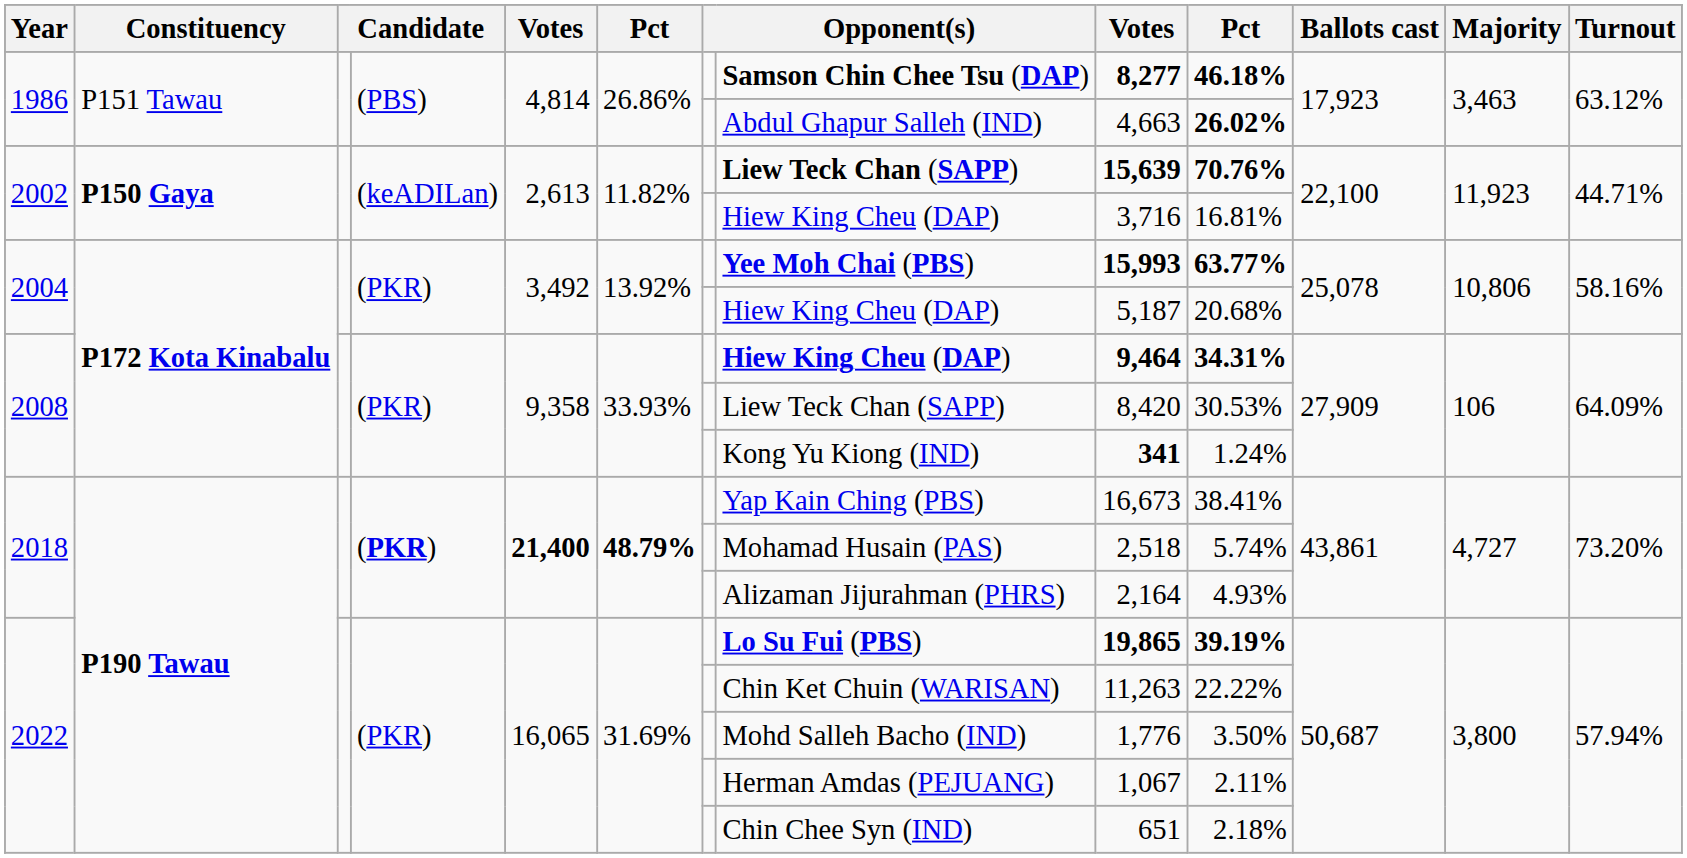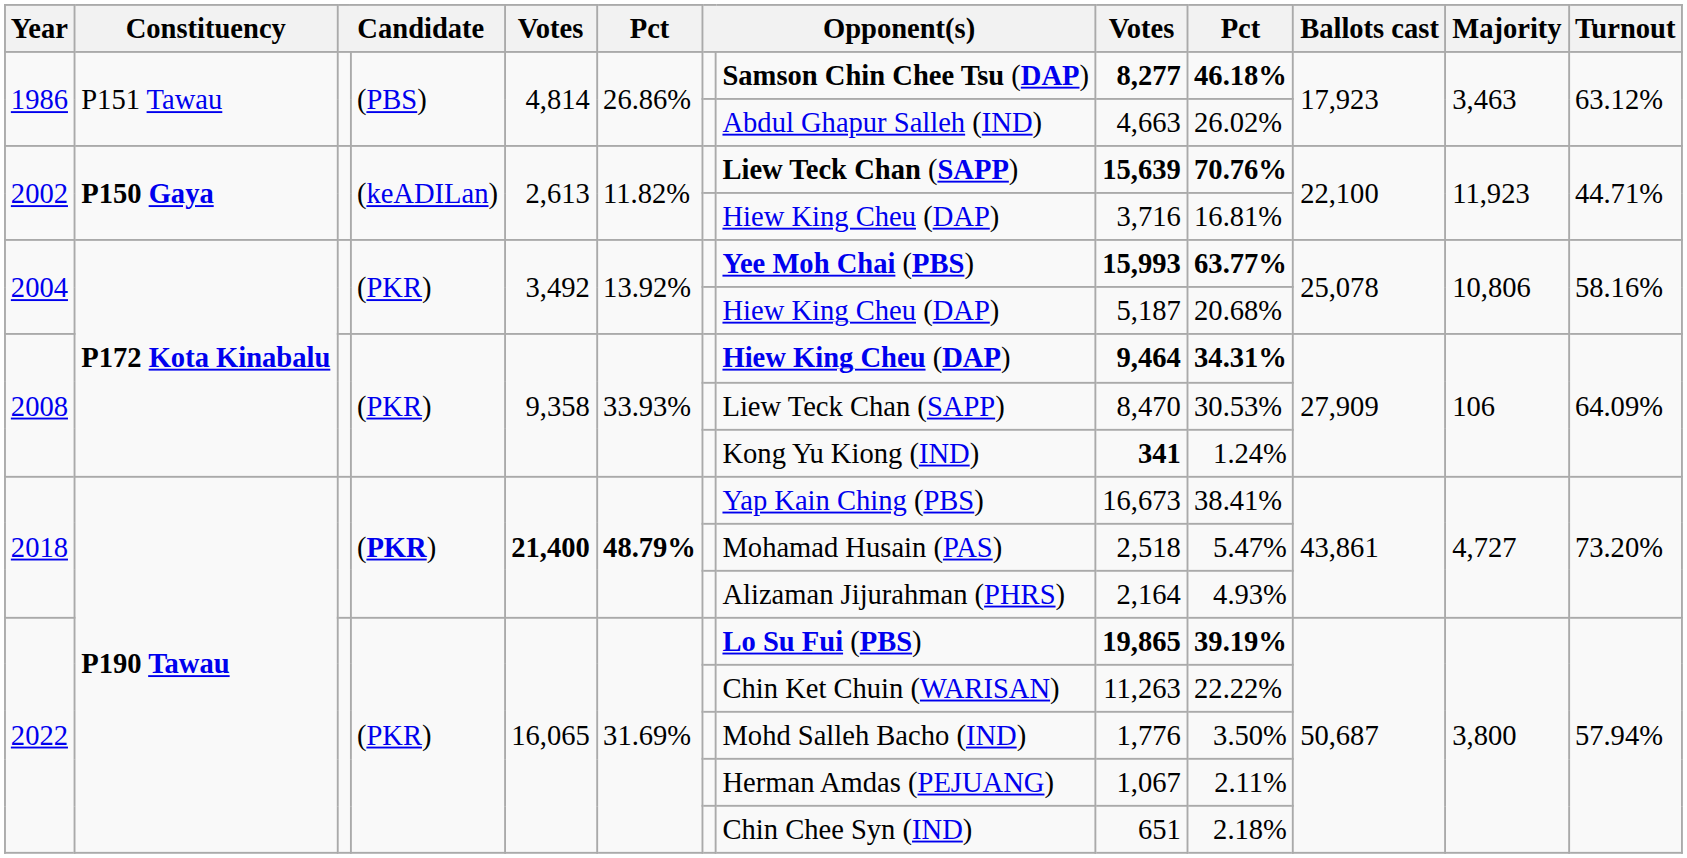 <table class="wikitable" style="margin:0.5em ; font-size:95%">
 <tr>
 <th>Year</th>
 <th>Constituency</th>
 <th colspan=2>Candidate</th>
 <th>Votes</th>
 <th>Pct</th>
 <th colspan=2>Opponent(s)</th>
 <th>Votes</th>
 <th>Pct</th>
 <th>Ballots cast</th>
 <th>Majority</th>
 <th>Turnout</th>
 </tr>
 <tr>
 <td rowspan=2><a href='#'>1986</a></td>
 <td rowspan=2>P151 <a href='#'>Tawau</a></td>
 <td rowspan=2 ></td>
 <td rowspan=2> (<a href='#'>PBS</a>)</td>
 <td rowspan=2 align="right">4,814</td>
 <td rowspan=2>26.86%</td>
 <td></td>
 <td><strong>Samson Chin Chee Tsu</strong> (<a href='#'><strong>DAP</strong></a>)</td>
 <td align="right"><strong>8,277</strong></td>
 <td><strong>46.18%</strong></td>
 <td rowspan=2>17,923</td>
 <td rowspan=2>3,463</td>
 <td rowspan=2>63.12%</td>
 </tr>
 <tr>
 <td></td>
 <td><a href='#'>Abdul Ghapur Salleh</a> (<a href='#'>IND</a>)</td>
 <td align="right">4,663</td>
-<td><strong>26.02%</strong></td>
+<td>26.02%</td>
 </tr>
 <tr>
 <td rowspan=2><a href='#'>2002</a></td>
 <td rowspan=2><strong>P150 <a href='#'>Gaya</a></strong></td>
 <td rowspan=2 ></td>
 <td rowspan=2> (<a href='#'>keADILan</a>)</td>
 <td rowspan=2 align="right">2,613</td>
 <td rowspan=2>11.82%</td>
 <td></td>
 <td><strong>Liew Teck Chan</strong> (<a href='#'><strong>SAPP</strong></a>)</td>
 <td align="right"><strong>15,639</strong></td>
 <td><strong>70.76%</strong></td>
 <td rowspan=2>22,100</td>
 <td rowspan=2>11,923</td>
 <td rowspan=2>44.71%</td>
 </tr>
 <tr>
 <td></td>
 <td><a href='#'>Hiew King Cheu</a> (<a href='#'>DAP</a>)</td>
 <td align="right">3,716</td>
 <td>16.81%</td>
 </tr>
 <tr>
 <td rowspan="2"><a href='#'>2004</a></td>
 <td rowspan="5"><strong>P172 <a href='#'>Kota Kinabalu</a></strong></td>
 <td rowspan=2 ></td>
 <td rowspan="2"> (<a href='#'>PKR</a>)</td>
 <td rowspan="2" align=right>3,492</td>
 <td rowspan="2">13.92%</td>
 <td></td>
 <td><strong><a href='#'>Yee Moh Chai</a></strong> (<a href='#'><strong>PBS</strong></a>)</td>
 <td align=right><strong>15,993</strong></td>
 <td><strong>63.77%</strong></td>
 <td rowspan="2">25,078</td>
 <td rowspan="2">10,806</td>
 <td rowspan="2">58.16%</td>
 </tr>
 <tr>
 <td></td>
 <td><a href='#'>Hiew King Cheu</a> (<a href='#'>DAP</a>)</td>
 <td align=right>5,187</td>
 <td>20.68%</td>
 </tr>
 <tr>
 <td rowspan="3"><a href='#'>2008</a></td>
 <td rowspan="3" ></td>
 <td rowspan="3"> (<a href='#'>PKR</a>)</td>
 <td rowspan="3" align="right">9,358</td>
 <td rowspan="3">33.93%</td>
 <td></td>
 <td><strong><a href='#'>Hiew King Cheu</a></strong> (<a href='#'><strong>DAP</strong></a>)</td>
 <td align="right"><strong>9,464</strong></td>
 <td><strong>34.31%</strong></td>
 <td rowspan="3">27,909</td>
 <td rowspan="3">106</td>
 <td rowspan="3">64.09%</td>
 </tr>
 <tr>
 <td></td>
 <td>Liew Teck Chan (<a href='#'>SAPP</a>)</td>
-<td align="right">8,420</td>
+<td align="right">8,470</td>
 <td>30.53%</td>
 </tr>
 <tr>
 <td></td>
 <td>Kong Yu Kiong (<a href='#'>IND</a>)</td>
 <td align="right"><strong>341</strong></td>
 <td align=right>1.24%</td>
 </tr>
 <tr>
 <td rowspan=3><a href='#'>2018</a></td>
 <td rowspan=8><strong>P190 <a href='#'>Tawau</a></strong></td>
 <td rowspan=3 ></td>
 <td rowspan=3><strong></strong> (<a href='#'><strong>PKR</strong></a>)</td>
 <td rowspan=3 align="right"><strong>21,400</strong></td>
 <td rowspan=3><strong>48.79%</strong></td>
 <td></td>
 <td><a href='#'>Yap Kain Ching</a> (<a href='#'>PBS</a>)</td>
 <td align="right">16,673</td>
 <td>38.41%</td>
 <td rowspan=3>43,861</td>
 <td rowspan=3>4,727</td>
 <td rowspan=3>73.20%</td>
 </tr>
 <tr>
 <td></td>
 <td>Mohamad Husain (<a href='#'>PAS</a>)</td>
 <td align="right">2,518</td>
-<td align=right>5.74%</td>
+<td align=right>5.47%</td>
 </tr>
 <tr>
 <td></td>
 <td>Alizaman Jijurahman (<a href='#'>PHRS</a>)</td>
 <td align="right">2,164</td>
 <td align=right>4.93%</td>
 </tr>
 <tr>
 <td rowspan=5><a href='#'>2022</a></td>
 <td rowspan=5 ></td>
 <td rowspan=5> (<a href='#'>PKR</a>)</td>
 <td rowspan=5 align="right">16,065</td>
 <td rowspan=5>31.69%</td>
 <td></td>
 <td><strong><a href='#'>Lo Su Fui</a></strong> (<a href='#'><strong>PBS</strong></a>)</td>
 <td align="right"><strong>19,865</strong></td>
 <td><strong>39.19%</strong></td>
 <td rowspan=5>50,687</td>
 <td rowspan=5>3,800</td>
 <td rowspan=5>57.94%</td>
 </tr>
 <tr>
 <td></td>
 <td>Chin Ket Chuin (<a href='#'>WARISAN</a>)</td>
 <td align="right">11,263</td>
 <td>22.22%</td>
 </tr>
 <tr>
 <td></td>
 <td>Mohd Salleh Bacho (<a href='#'>IND</a>)</td>
 <td align="right">1,776</td>
 <td align="right">3.50%</td>
 </tr>
 <tr>
 <td></td>
 <td>Herman Amdas (<a href='#'>PEJUANG</a>)</td>
 <td align="right">1,067</td>
 <td align="right">2.11%</td>
 </tr>
 <tr>
 <td></td>
 <td>Chin Chee Syn (<a href='#'>IND</a>)</td>
 <td align="right">651</td>
 <td align="right">2.18%</td>
 </tr>
 </table>
